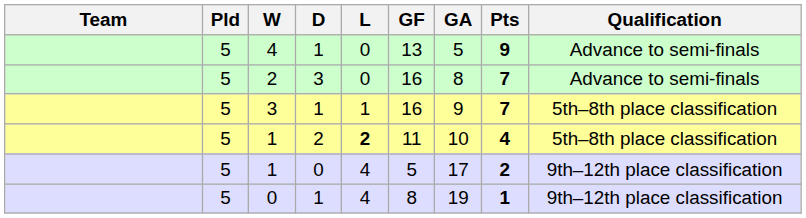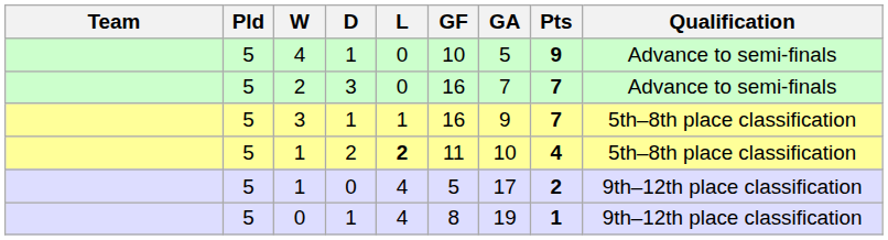 <table class="wikitable" style="text-align:center; font-size:90%">
 <tr>
 <th style="width:10em">Team</th>
 <th style="width:2em">Pld</th>
 <th style="width:2em">W</th>
 <th style="width:2em">D</th>
 <th style="width:2em">L</th>
 <th style="width:2em">GF</th>
 <th style="width:2em">GA</th>
 <th style="width:2em">Pts</th>
 <th style="width:14em">Qualification</th>
 </tr>
 <tr style="background:#ccffcc;">
 <td align=left></td>
 <td>5</td>
 <td>4</td>
 <td>1</td>
 <td>0</td>
-<td>13</td>
+<td>10</td>
 <td>5</td>
 <td><strong>9</strong></td>
 <td>Advance to semi-finals</td>
 </tr>
 <tr style="background:#ccffcc;">
 <td align=left></td>
 <td>5</td>
 <td>2</td>
 <td>3</td>
 <td>0</td>
 <td>16</td>
-<td>8</td>
+<td>7</td>
 <td><strong>7</strong></td>
 <td>Advance to semi-finals</td>
 </tr>
 <tr style="background:#ffff99;">
 <td align=left></td>
 <td>5</td>
 <td>3</td>
 <td>1</td>
 <td>1</td>
 <td>16</td>
 <td>9</td>
 <td><strong>7</strong></td>
 <td>5th–8th place classification</td>
 </tr>
 <tr style="background:#ffff99;">
 <td align=left></td>
 <td>5</td>
 <td>1</td>
 <td>2</td>
 <td><strong>2</strong></td>
 <td>11</td>
 <td>10</td>
 <td><strong>4</strong></td>
 <td>5th–8th place classification</td>
 </tr>
 <tr style="background:#DDDDFF;">
 <td align=left></td>
 <td>5</td>
 <td>1</td>
 <td>0</td>
 <td>4</td>
 <td>5</td>
 <td>17</td>
 <td><strong>2</strong></td>
 <td>9th–12th place classification</td>
 </tr>
 <tr style="background:#DDDDFF;">
 <td align=left></td>
 <td>5</td>
 <td>0</td>
 <td>1</td>
 <td>4</td>
 <td>8</td>
 <td>19</td>
 <td><strong>1</strong></td>
 <td>9th–12th place classification</td>
 </tr>
 </table>
